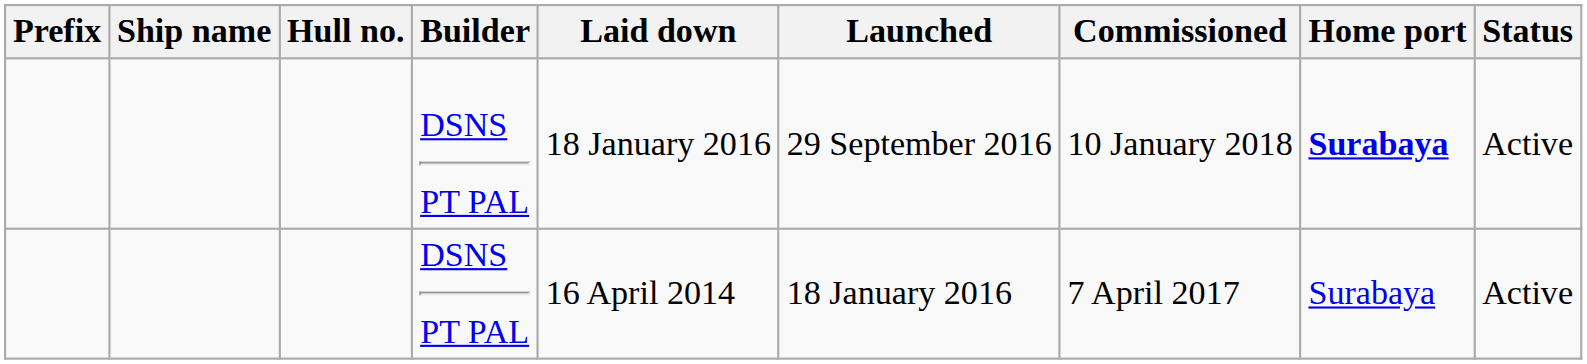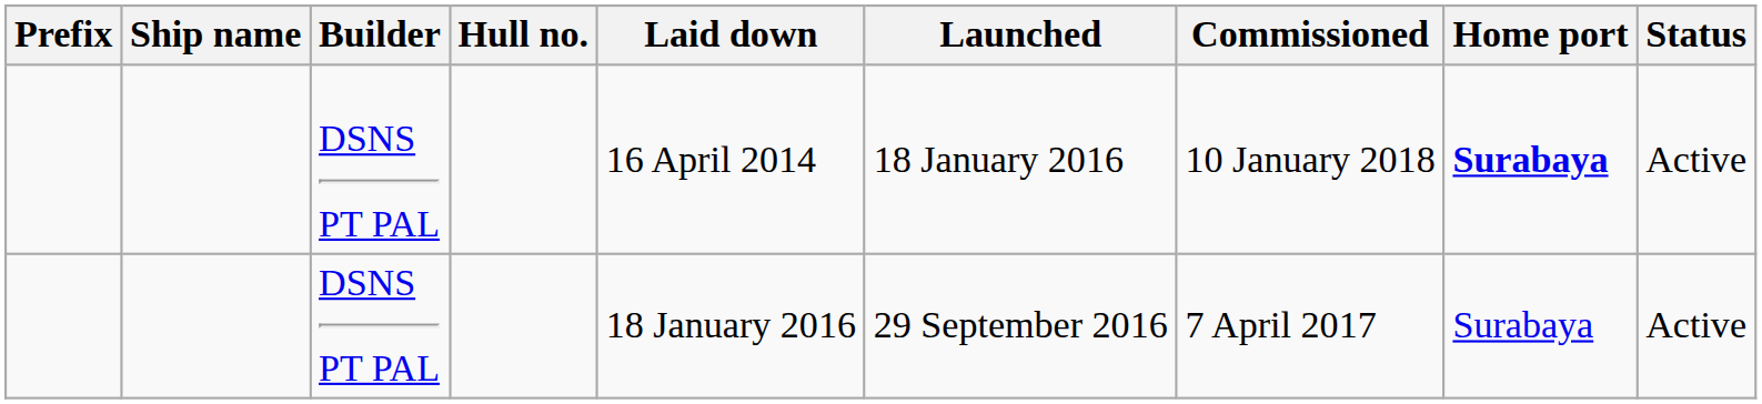 <table class="wikitable">
 <tr>
 <th>Prefix</th>
 <th>Ship name</th>
+<th>Builder</th>
 <th>Hull no.</th>
-<th>Builder</th>
 <th>Laid down</th>
 <th>Launched</th>
 <th>Commissioned</th>
 <th>Home port</th>
 <th>Status</th>
 </tr>
 <tr>
 <td></td>
 <td></td>
+<td><br><a href='#'>DSNS</a><hr><a href='#'>PT PAL</a></td>
 <td></td>
-<td><br><a href='#'>DSNS</a><hr><a href='#'>PT PAL</a></td>
+<td>16 April 2014</td>
 <td>18 January 2016</td>
-<td>29 September 2016</td>
 <td>10 January 2018</td>
 <td><strong><a href='#'>Surabaya</a></strong></td>
 <td>Active</td>
 </tr>
 <tr>
 <td></td>
 <td></td>
+<td><a href='#'>DSNS</a><hr><a href='#'>PT PAL</a></td>
 <td></td>
-<td><a href='#'>DSNS</a><hr><a href='#'>PT PAL</a></td>
-<td>16 April 2014</td>
 <td>18 January 2016</td>
+<td>29 September 2016</td>
 <td>7 April 2017</td>
 <td><a href='#'>Surabaya</a></td>
 <td>Active</td>
 </tr>
 </table>
